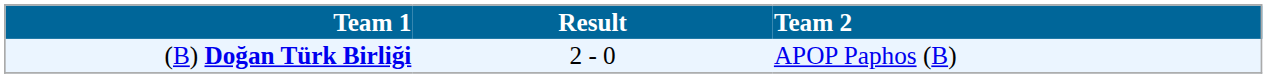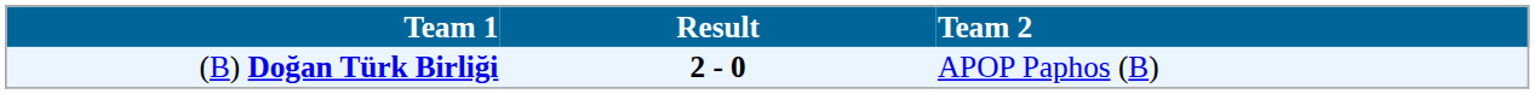 <table cellspacing="0" style="background: #EBF5FF; border: 1px #aaa solid; border-collapse: collapse; font-size: 95%;" width=60%>
 <tr bgcolor=#006699 style="color:white;">
 <th width=25% align="right">Team 1</th>
 <th width=22% align="center">Result</th>
 <th width=30% align="left">Team 2</th>
 </tr>
 <tr>
 <td align=right>(<a href='#'>B</a>) <strong><a href='#'>Doğan Türk Birliği</a></strong></td>
-<td align=center>2 - 0</td>
+<td align=center><strong>2 - 0</strong></td>
 <td align=left><a href='#'>APOP Paphos</a> (<a href='#'>B</a>)</td>
 </tr>
 <tr>
 </tr>
 </table>
